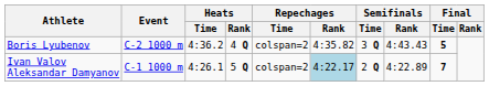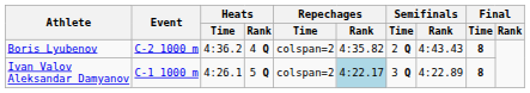 <table class="wikitable" style="font-size:90%; text-align:center;">
 <tr>
 <th rowspan=2>Athlete</th>
 <th rowspan=2>Event</th>
 <th colspan=2>Heats</th>
 <th colspan=2>Repechages</th>
 <th colspan=2>Semifinals</th>
 <th colspan=2>Final</th>
 </tr>
 <tr style="font-size:95%">
 <th>Time</th>
 <th>Rank</th>
 <th>Time</th>
 <th>Rank</th>
 <th>Time</th>
 <th>Rank</th>
 <th>Time</th>
 <th>Rank</th>
 </tr>
 <tr>
 <td align=left rowspan=1><a href='#'>Boris Lyubenov</a></td>
 <td align=left><a href='#'>C-2 1000 m</a></td>
 <td>4:36.2</td>
 <td>4 <strong>Q</strong></td>
 <td>colspan=2 </td>
 <td>4:35.82</td>
-<td>3 <strong>Q</strong></td>
+<td>2 <strong>Q</strong></td>
 <td>4:43.43</td>
-<td><strong>5</strong></td>
+<td><strong>8</strong></td>
 </tr>
 <tr>
 <td align=left rowspan=1><a href='#'>Ivan Valov</a><br><a href='#'>Aleksandar Damyanov</a></td>
 <td align=left><a href='#'>C-1 1000 m</a></td>
 <td>4:26.1</td>
 <td>5 <strong>Q</strong></td>
 <td>colspan=2 </td>
 <td style="background: lightblue;">4:22.17</td>
-<td>2 <strong>Q</strong></td>
+<td>3 <strong>Q</strong></td>
 <td>4:22.89</td>
-<td><strong>7</strong></td>
+<td><strong>8</strong></td>
 </tr>
 </table>
